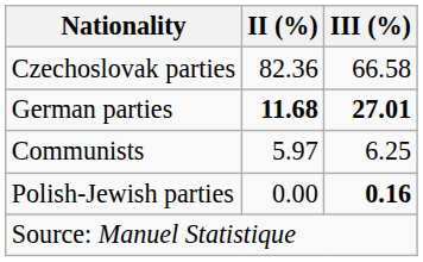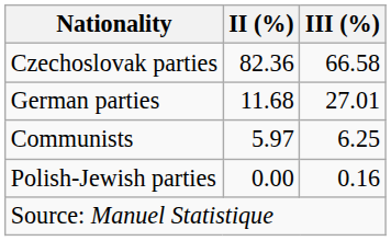 <table class=wikitable style=text-align:right>
 <tr>
 <th>Nationality</th>
 <th>II (%)</th>
 <th>III (%)</th>
 </tr>
 <tr>
 <td align=left>Czechoslovak parties</td>
 <td>82.36</td>
 <td>66.58</td>
 </tr>
 <tr>
 <td align=left>German parties</td>
-<td><strong>11.68</strong></td>
-<td><strong>27.01</strong></td>
+<td>11.68</td>
+<td>27.01</td>
 </tr>
 <tr>
 <td align=left>Communists</td>
 <td>5.97</td>
 <td>6.25</td>
 </tr>
 <tr>
 <td align=left>Polish-Jewish parties</td>
 <td>0.00</td>
-<td><strong>0.16</strong></td>
+<td>0.16</td>
 </tr>
 <tr>
 <td align=left colspan=3>Source: <em>Manuel Statistique</em></td>
 </tr>
 </table>
